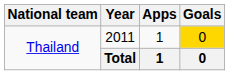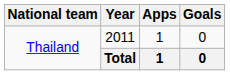 <table class="wikitable" style="text-align:center">
 <tr>
 <th>National team</th>
 <th>Year</th>
 <th>Apps</th>
 <th>Goals</th>
 </tr>
 <tr>
 <td rowspan="2" valign="center"><a href='#'>Thailand</a></td>
 <td>2011</td>
 <td>1</td>
-<td style="background: gold;">0</td>
+<td>0</td>
 </tr>
 <tr>
 <th>Total</th>
 <th>1</th>
 <th>0</th>
 </tr>
 </table>
